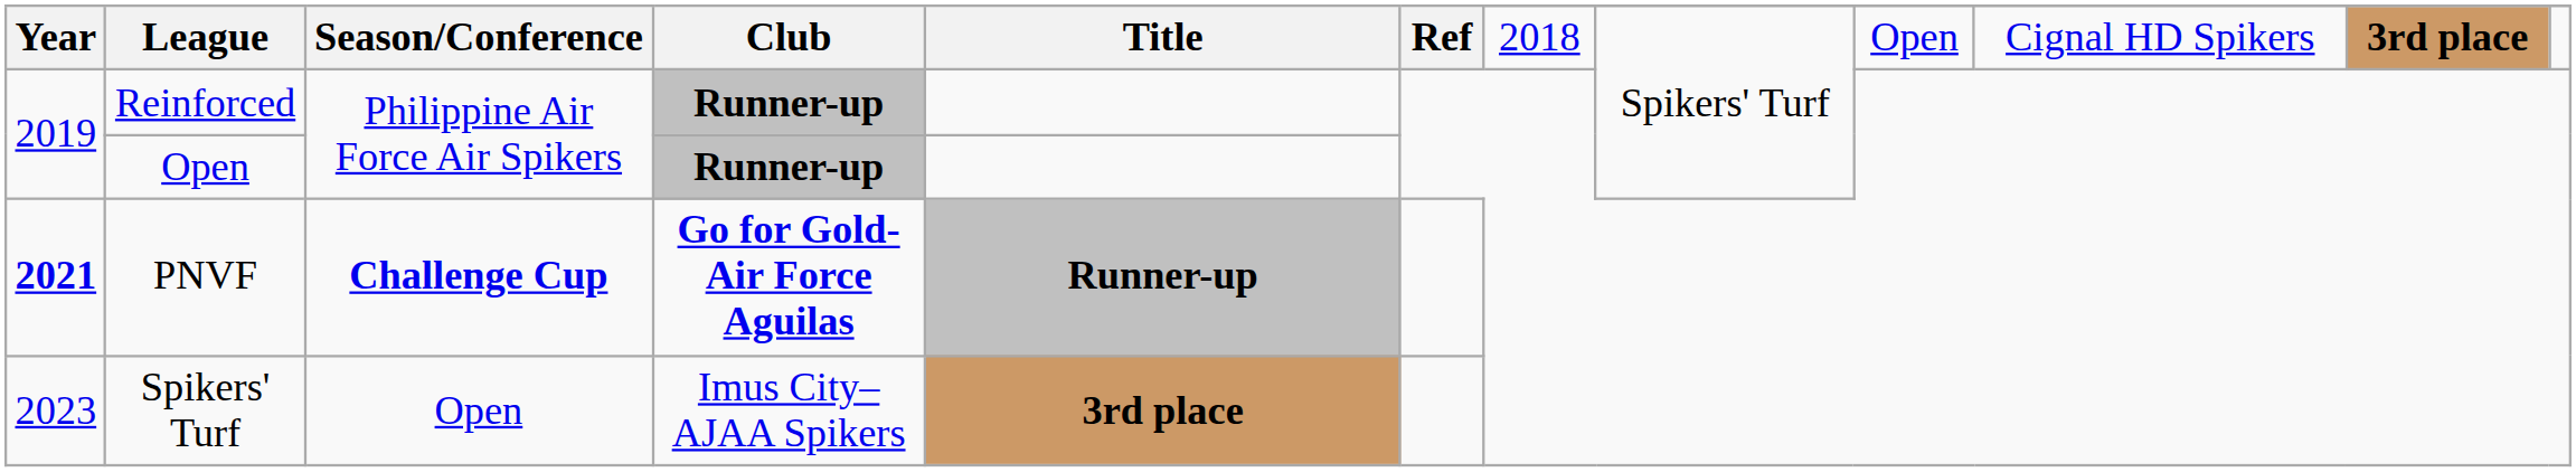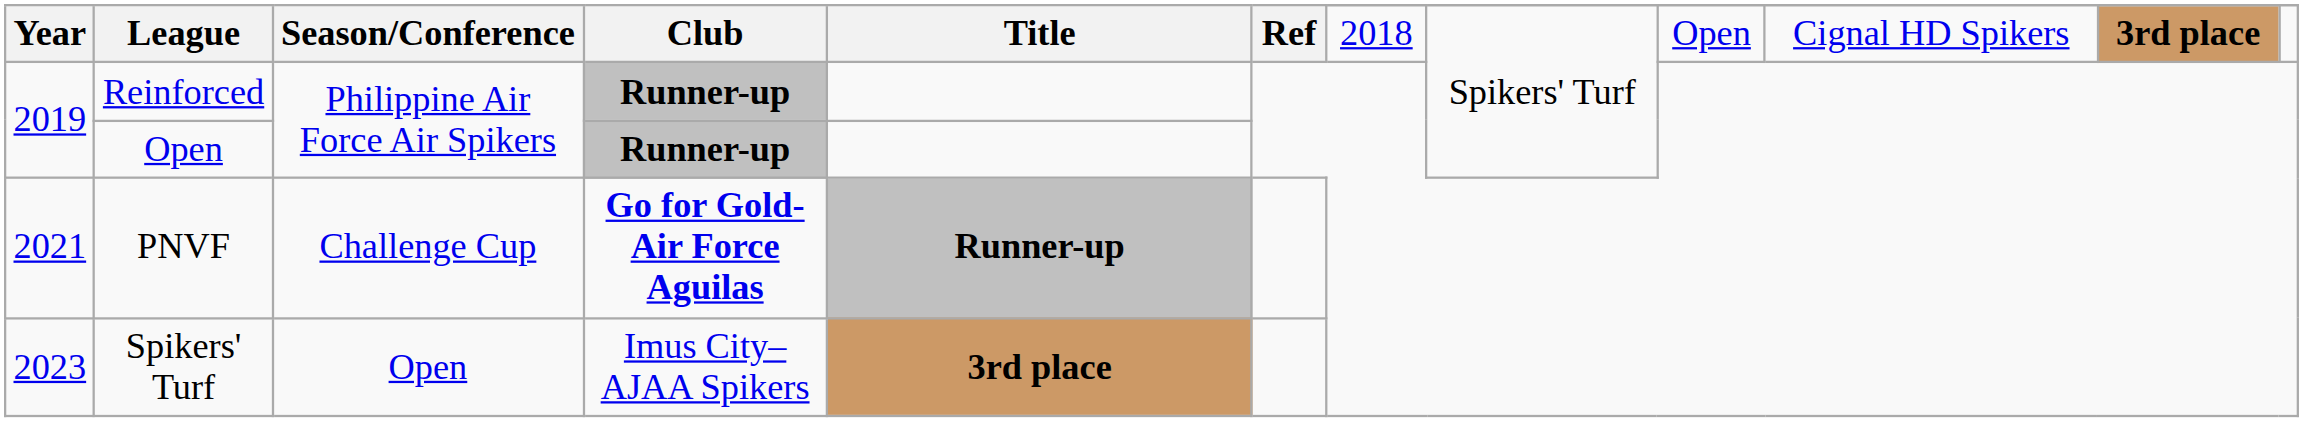 <table class="wikitable sortable" style="text-align:center" width="80%">
 <tr>
 <th style="width:5px;" rowspan="2">Year</th>
 <th style="width:25px;" rowspan="2">League</th>
 <th style="width:100px;" rowspan="2">Season/Conference</th>
 <th style="width:100px;" rowspan="2">Club</th>
 <th style="width:180px;" rowspan="2">Title</th>
 <th style="width:25px;" rowspan="2">Ref</th>
 </tr>
 <tr align=center>
 <td rowspan=1><a href='#'>2018</a></td>
 <td rowspan=3>Spikers' Turf</td>
 <td><a href='#'>Open</a></td>
 <td rowspan=1><a href='#'>Cignal HD Spikers</a></td>
 <td style="background:#CC9966;"><strong>3rd place</strong></td>
 <td></td>
 </tr>
 <tr align=center>
 <td rowspan=2><a href='#'>2019</a></td>
 <td><a href='#'>Reinforced</a></td>
 <td rowspan=2><a href='#'>Philippine Air Force Air Spikers</a></td>
 <td style="background:silver"><strong>Runner-up</strong></td>
 <td></td>
 </tr>
 <tr align=center>
 <td><a href='#'>Open</a></td>
 <td style="background:silver"><strong>Runner-up</strong></td>
 <td></td>
 </tr>
 <tr align=center>
-<td><strong><a href='#'>2021</a></strong></td>
+<td><a href='#'>2021</a></td>
 <td>PNVF</td>
-<td><strong><a href='#'>Challenge Cup</a></strong></td>
+<td><a href='#'>Challenge Cup</a></td>
 <td><strong><a href='#'>Go for Gold-Air Force Aguilas</a></strong></td>
 <td style="background:silver;"><strong>Runner-up</strong></td>
 <td></td>
 </tr>
 <tr align=center>
 <td><a href='#'>2023</a></td>
 <td>Spikers' Turf</td>
 <td><a href='#'>Open</a></td>
 <td><a href='#'>Imus City–AJAA Spikers</a></td>
 <td style="background:#cc9966;"><strong>3rd place</strong></td>
 <td></td>
 </tr>
 </table>
